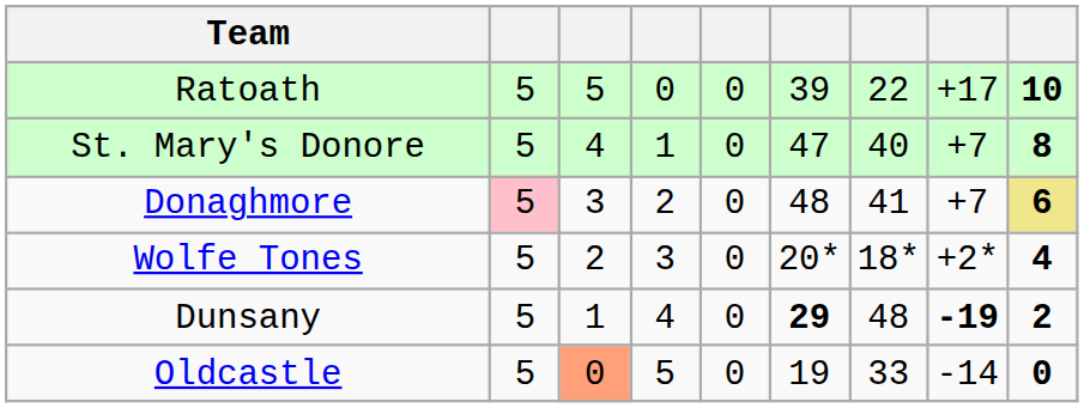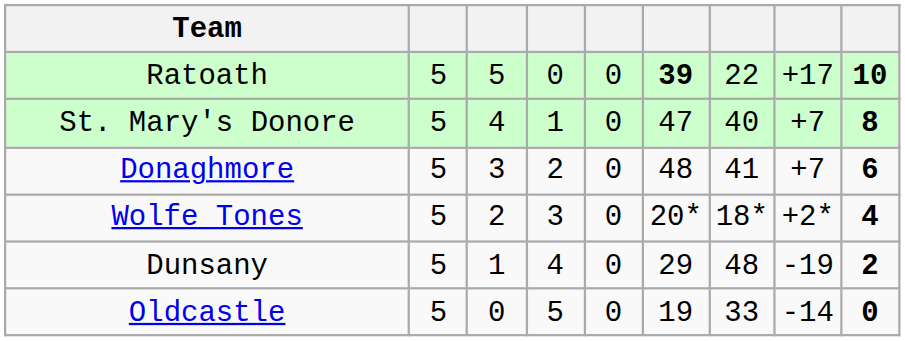 <table class="wikitable" style="text-align:center">
 <tr>
 <th width="175">Team</th>
 <th width="20"></th>
 <th width="20"></th>
 <th width="20"></th>
 <th width="20"></th>
 <th width="20"></th>
 <th width="20"></th>
 <th width="20"></th>
 <th width="20"></th>
 </tr>
 <tr style="background:#cfc;">
 <td>Ratoath</td>
 <td>5</td>
 <td>5</td>
 <td>0</td>
 <td>0</td>
-<td>39</td>
+<td><strong>39</strong></td>
 <td>22</td>
 <td>+17</td>
 <td><strong>10</strong></td>
 </tr>
 <tr style="background:#cfc;">
 <td>St. Mary's Donore</td>
 <td>5</td>
 <td>4</td>
 <td>1</td>
 <td>0</td>
 <td>47</td>
 <td>40</td>
 <td>+7</td>
 <td><strong>8</strong></td>
 </tr>
 <tr>
 <td><a href='#'>Donaghmore</a></td>
-<td style="background: pink;">5</td>
+<td>5</td>
 <td>3</td>
 <td>2</td>
 <td>0</td>
 <td>48</td>
 <td>41</td>
 <td>+7</td>
-<td style="background: khaki;"><strong>6</strong></td>
+<td><strong>6</strong></td>
 </tr>
 <tr>
 <td><a href='#'>Wolfe Tones</a></td>
 <td>5</td>
 <td>2</td>
 <td>3</td>
 <td>0</td>
 <td>20*</td>
 <td>18*</td>
 <td>+2*</td>
 <td><strong>4</strong></td>
 </tr>
 <tr>
 <td>Dunsany</td>
 <td>5</td>
 <td>1</td>
 <td>4</td>
 <td>0</td>
-<td><strong>29</strong></td>
+<td>29</td>
 <td>48</td>
-<td><strong>-19</strong></td>
+<td>-19</td>
 <td><strong>2</strong></td>
 </tr>
 <tr>
 <td><a href='#'>Oldcastle</a></td>
 <td>5</td>
-<td style="background: lightsalmon;">0</td>
+<td>0</td>
 <td>5</td>
 <td>0</td>
 <td>19</td>
 <td>33</td>
 <td>-14</td>
 <td><strong>0</strong></td>
 </tr>
 </table>
